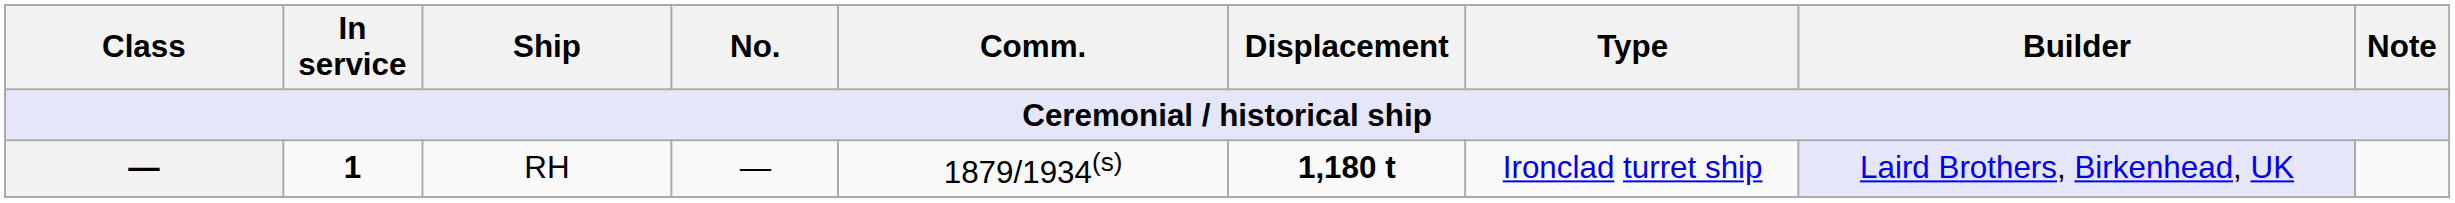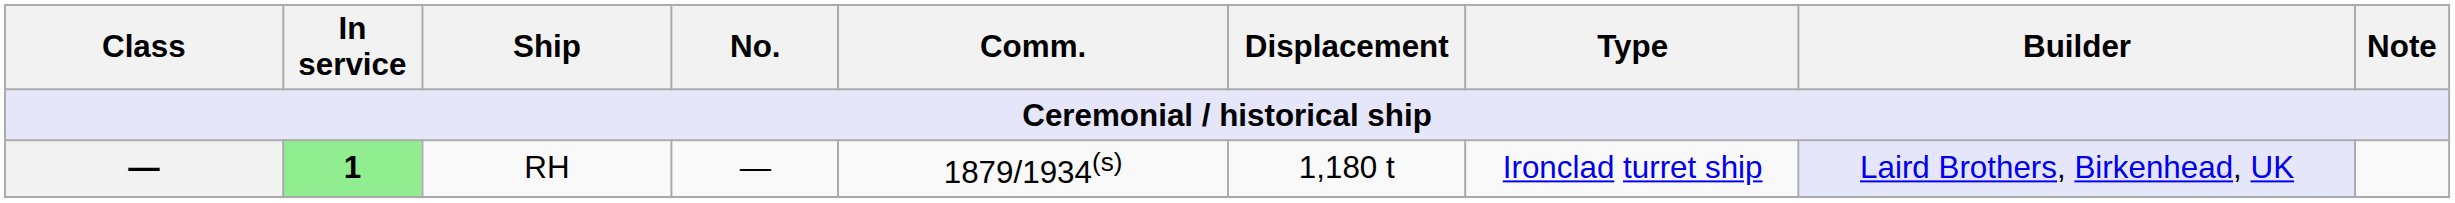 <table class="wikitable" style="text-align:center;">
 <tr>
 <th style="text-align:center; width:10%;">Class</th>
 <th style="text-align:center; width:5%;">In service</th>
 <th style="text-align:center; width:9%;">Ship</th>
 <th style="text-align:center; width:6%;">No.</th>
 <th style="text-align:center; width:14%;">Comm.</th>
 <th style="text-align:center; width:6%;">Displacement</th>
 <th style="text-align:center; width:12%;">Type</th>
 <th style="text-align:center; width:20%;">Builder</th>
 <th style="text-align:center; width:3%;">Note</th>
 </tr>
 <tr>
 <th colspan="9" style="background: lavender;">Ceremonial / historical ship</th>
 </tr>
 <tr>
 <th>—</th>
-<td><strong>1</strong></td>
+<td style="background: lightgreen;"><strong>1</strong></td>
 <td>RH </td>
 <td>—</td>
 <td>1879/1934<sup>(s)</sup></td>
-<td><strong>1,180 t</strong></td>
+<td>1,180 t</td>
 <td><a href='#'>Ironclad</a> <a href='#'>turret ship</a></td>
 <td style="background: lavender;"><a href='#'>Laird Brothers</a>, <a href='#'>Birkenhead</a>, <a href='#'>UK</a></td>
 <td></td>
 </tr>
 <tr>
 </tr>
 </table>
